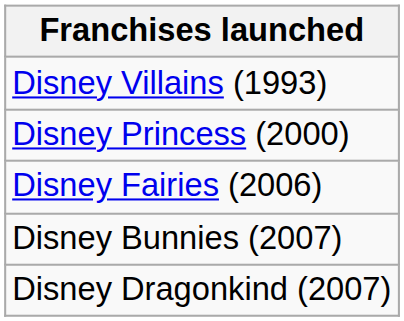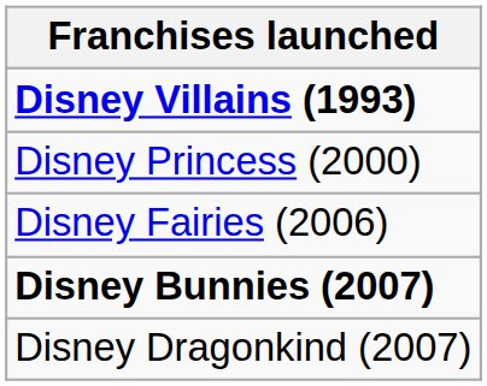 <table class="wikitable" style="float:right;">
 <tr>
 <th>Franchises launched</th>
 </tr>
 <tr>
-<td><a href='#'>Disney Villains</a> (1993)</td>
+<td><strong><a href='#'>Disney Villains</a> (1993)</strong></td>
 </tr>
 <tr>
 <td><a href='#'>Disney Princess</a> (2000)</td>
 </tr>
 <tr>
 <td><a href='#'>Disney Fairies</a> (2006)</td>
 </tr>
 <tr>
-<td>Disney Bunnies (2007)</td>
+<td><strong>Disney Bunnies (2007)</strong></td>
 </tr>
 <tr>
 <td>Disney Dragonkind (2007)</td>
 </tr>
 </table>
